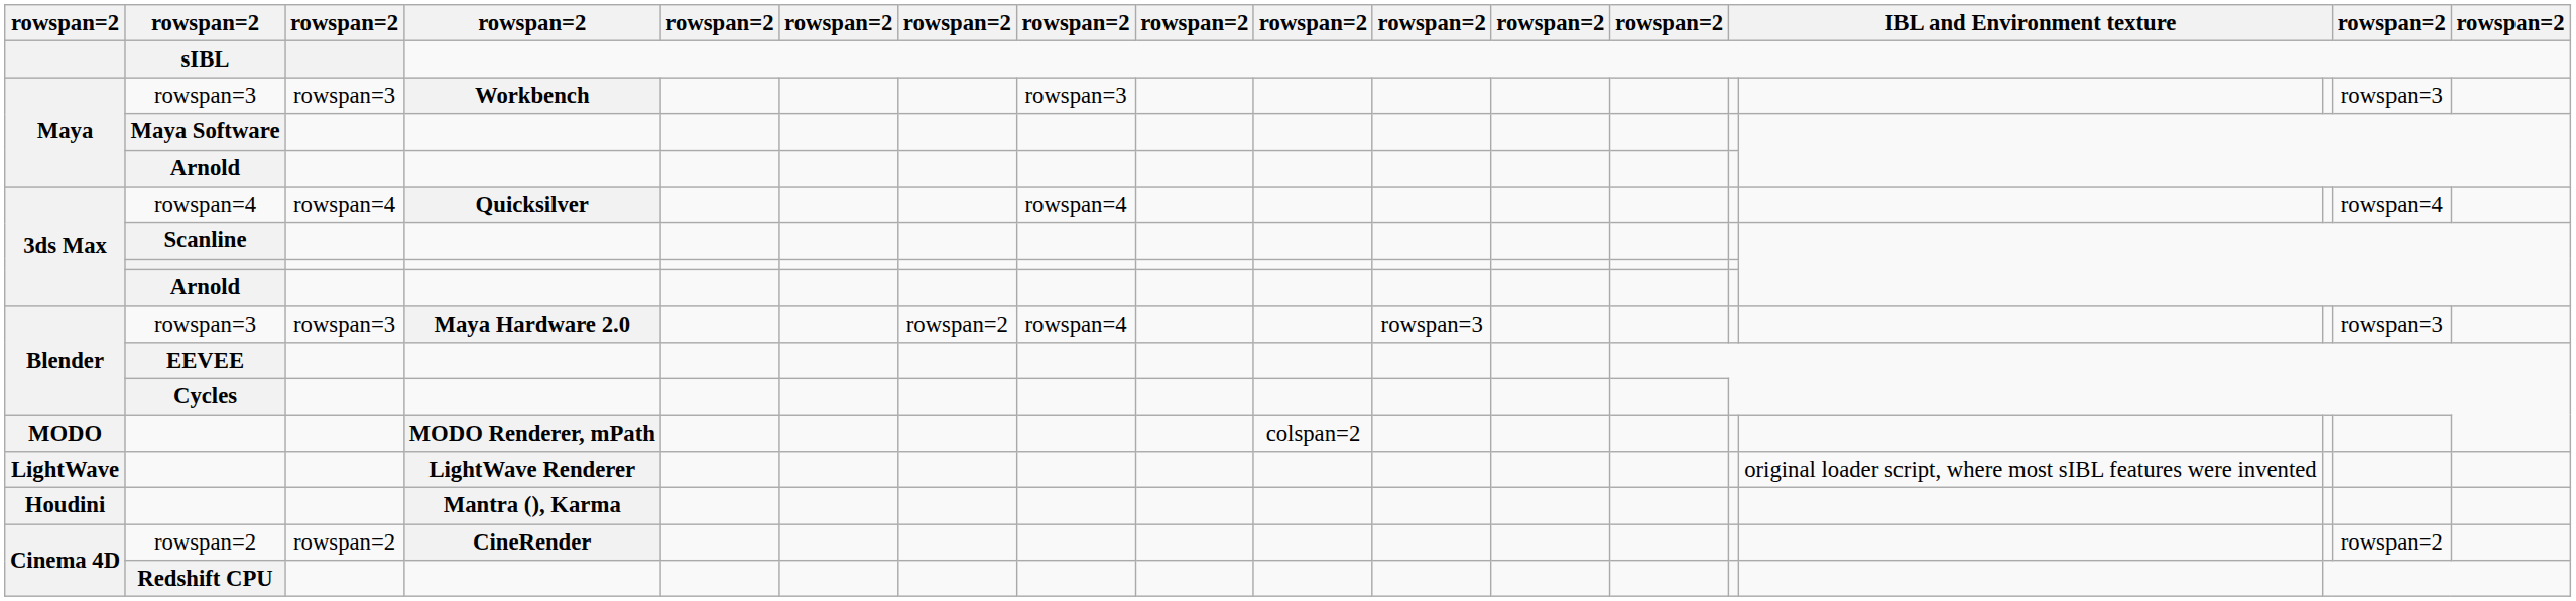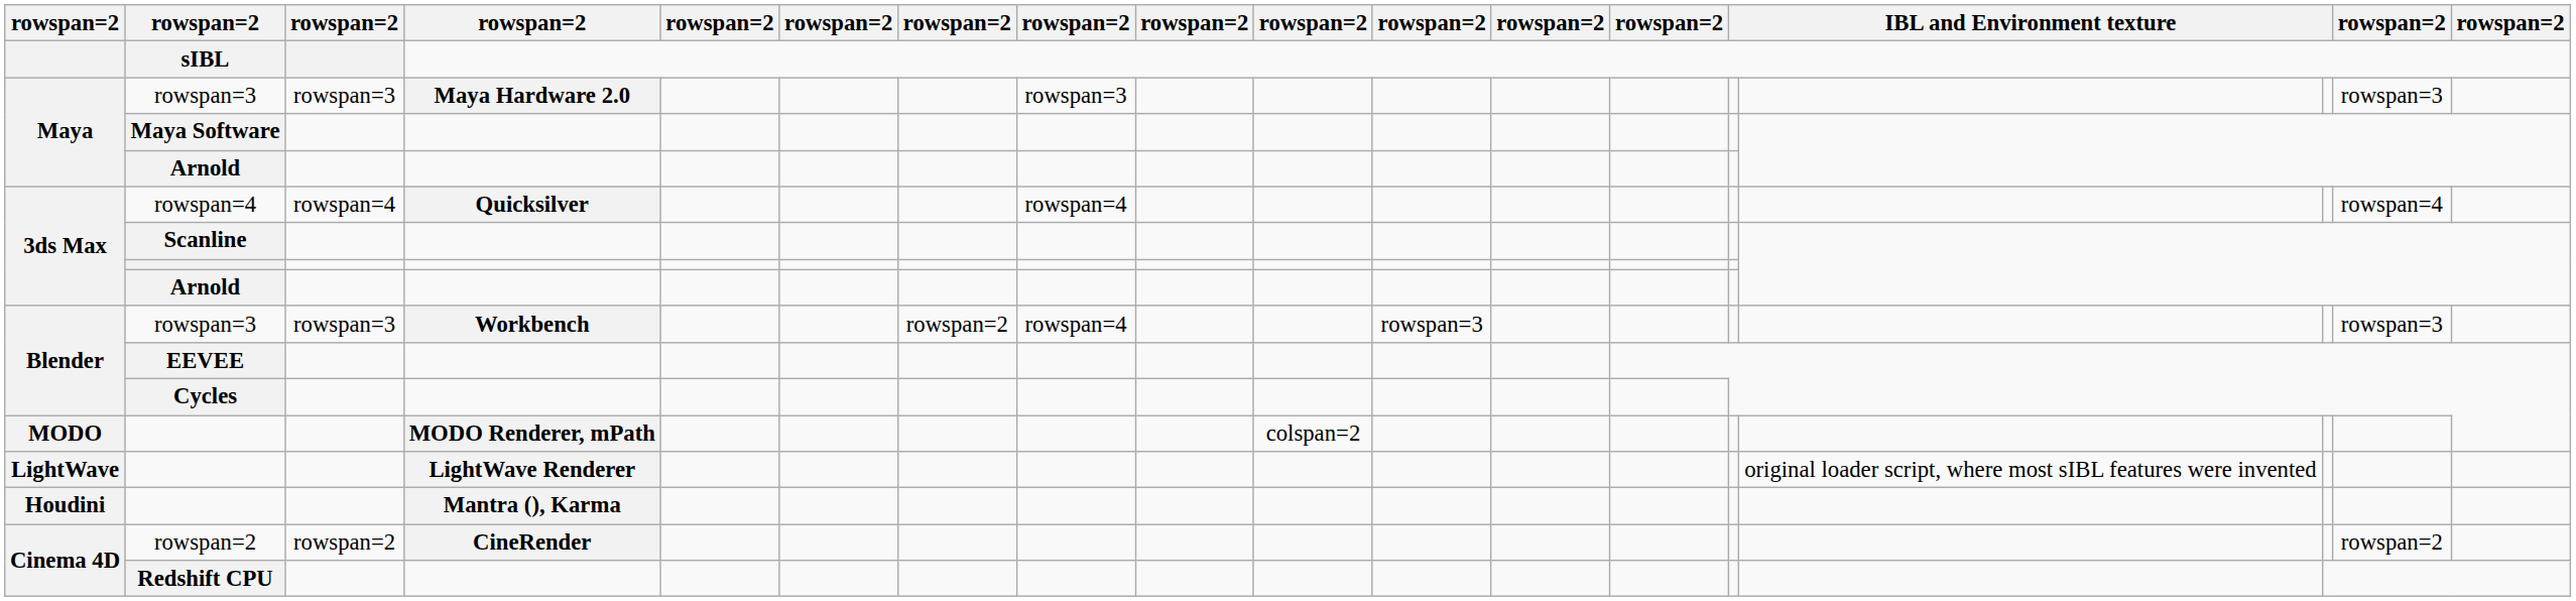 <table class="sortable sort-under wikitable" style="text-align: center; ">
 <tr>
 <th>rowspan=2 </th>
 <th>rowspan=2 </th>
 <th>rowspan=2 </th>
 <th>rowspan=2 </th>
 <th>rowspan=2 </th>
 <th>rowspan=2 </th>
 <th>rowspan=2 </th>
 <th>rowspan=2 </th>
 <th>rowspan=2 </th>
 <th>rowspan=2 </th>
 <th>rowspan=2 </th>
 <th>rowspan=2 </th>
 <th>rowspan=2 </th>
 <th colspan=3>IBL and Environment texture</th>
 <th>rowspan=2 </th>
 <th>rowspan=2 </th>
 </tr>
 <tr>
 <th></th>
 <th>sIBL</th>
 <th></th>
 </tr>
 <tr>
 <th rowspan=3>Maya</th>
 <td>rowspan=3 </td>
 <td>rowspan=3 </td>
-<th>Workbench</th>
+<th>Maya Hardware 2.0</th>
 <td></td>
 <td></td>
 <td></td>
 <td>rowspan=3 </td>
 <td></td>
 <td></td>
 <td></td>
 <td></td>
 <td></td>
 <td></td>
 <td></td>
 <td></td>
 <td>rowspan=3 </td>
 <td></td>
 </tr>
 <tr>
 <th>Maya Software</th>
 <td></td>
 <td></td>
 <td></td>
 <td></td>
 <td></td>
 <td></td>
 <td></td>
 <td></td>
 <td></td>
 <td></td>
 <td></td>
 <td></td>
 </tr>
 <tr>
 <th>Arnold</th>
 <td></td>
 <td></td>
 <td></td>
 <td></td>
 <td></td>
 <td></td>
 <td></td>
 <td></td>
 <td></td>
 <td></td>
 <td></td>
 <td></td>
 </tr>
 <tr>
 <th rowspan=4>3ds Max</th>
 <td>rowspan=4 </td>
 <td>rowspan=4 </td>
 <th>Quicksilver</th>
 <td></td>
 <td></td>
 <td></td>
 <td>rowspan=4 </td>
 <td></td>
 <td></td>
 <td></td>
 <td></td>
 <td></td>
 <td></td>
 <td></td>
 <td></td>
 <td>rowspan=4 </td>
 <td></td>
 </tr>
 <tr>
 <th>Scanline</th>
 <td></td>
 <td></td>
 <td></td>
 <td></td>
 <td></td>
 <td></td>
 <td></td>
 <td></td>
 <td></td>
 <td></td>
 <td></td>
 <td></td>
 </tr>
 <tr>
 <th></th>
 <td></td>
 <td></td>
 <td></td>
 <td></td>
 <td></td>
 <td></td>
 <td></td>
 <td></td>
 <td></td>
 <td></td>
 <td></td>
 <td></td>
 </tr>
 <tr>
 <th>Arnold</th>
 <td></td>
 <td></td>
 <td></td>
 <td></td>
 <td></td>
 <td></td>
 <td></td>
 <td></td>
 <td></td>
 <td></td>
 <td></td>
 <td></td>
 </tr>
 <tr>
 <th rowspan=3>Blender</th>
 <td>rowspan=3 </td>
 <td>rowspan=3 </td>
-<th>Maya Hardware 2.0</th>
+<th>Workbench</th>
 <td></td>
 <td></td>
 <td>rowspan=2 </td>
 <td>rowspan=4 </td>
 <td></td>
 <td></td>
 <td>rowspan=3 </td>
 <td></td>
 <td></td>
 <td></td>
 <td></td>
 <td></td>
 <td>rowspan=3 </td>
 <td></td>
 </tr>
 <tr>
 <th>EEVEE</th>
 <td></td>
 <td></td>
 <td></td>
 <td></td>
 <td></td>
 <td></td>
 <td></td>
 <td></td>
 <td></td>
 <td></td>
 </tr>
 <tr>
 <th>Cycles</th>
 <td></td>
 <td></td>
 <td></td>
 <td></td>
 <td></td>
 <td></td>
 <td></td>
 <td></td>
 <td></td>
 <td></td>
 <td></td>
 </tr>
 <tr>
 <th>MODO</th>
 <td></td>
 <td></td>
 <th>MODO Renderer, mPath</th>
 <td></td>
 <td></td>
 <td></td>
 <td></td>
 <td></td>
 <td>colspan=2 </td>
 <td></td>
 <td></td>
 <td></td>
 <td></td>
 <td></td>
 <td></td>
 <td></td>
 </tr>
 <tr>
 <th>LightWave</th>
 <td></td>
 <td></td>
 <th>LightWave Renderer</th>
 <td></td>
 <td></td>
 <td></td>
 <td></td>
 <td></td>
 <td></td>
 <td></td>
 <td></td>
 <td></td>
 <td></td>
 <td>original loader script, where most sIBL features were invented</td>
 <td></td>
 <td></td>
 <td></td>
 </tr>
 <tr>
 <th>Houdini </th>
 <td></td>
 <td></td>
 <th>Mantra (), Karma</th>
 <td></td>
 <td></td>
 <td></td>
 <td></td>
 <td></td>
 <td></td>
 <td></td>
 <td></td>
 <td></td>
 <td></td>
 <td></td>
 <td></td>
 <td></td>
 <td></td>
 </tr>
 <tr>
 <th rowspan=2>Cinema 4D</th>
 <td>rowspan=2 </td>
 <td>rowspan=2 </td>
 <th>CineRender</th>
 <td></td>
 <td></td>
 <td></td>
 <td></td>
 <td></td>
 <td></td>
 <td></td>
 <td></td>
 <td></td>
 <td></td>
 <td></td>
 <td></td>
 <td>rowspan=2 </td>
 <td></td>
 </tr>
 <tr>
 <th>Redshift CPU</th>
 <td></td>
 <td></td>
 <td></td>
 <td></td>
 <td></td>
 <td></td>
 <td></td>
 <td></td>
 <td></td>
 <td></td>
 <td></td>
 <td></td>
 <td></td>
 </tr>
 </table>
